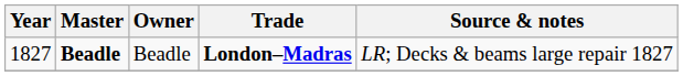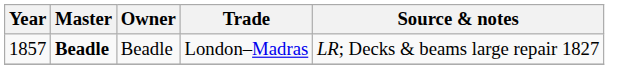 <table class=" wikitable">
 <tr>
 <th>Year</th>
 <th>Master</th>
 <th>Owner</th>
 <th>Trade</th>
 <th>Source & notes</th>
 </tr>
 <tr>
-<td>1827</td>
+<td>1857</td>
 <td><strong>Beadle</strong></td>
 <td>Beadle</td>
-<td><strong>London–<a href='#'>Madras</a></strong></td>
+<td>London–<a href='#'>Madras</a></td>
 <td><em>LR</em>; Decks & beams large repair 1827</td>
 </tr>
 <tr>
 </tr>
 </table>
